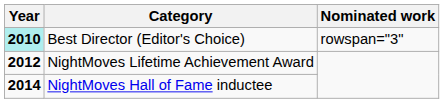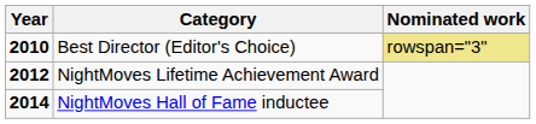 <table class="wikitable">
 <tr>
 <th>Year</th>
 <th>Category</th>
 <th>Nominated work</th>
 </tr>
 <tr>
-<td style="background: paleturquoise;"><strong>2010</strong></td>
+<td><strong>2010</strong></td>
 <td>Best Director (Editor's Choice)</td>
-<td>rowspan="3" </td>
+<td style="background: khaki;">rowspan="3" </td>
 </tr>
 <tr>
 <td><strong>2012</strong></td>
 <td>NightMoves Lifetime Achievement Award</td>
 </tr>
 <tr>
 <td><strong>2014</strong></td>
 <td><a href='#'>NightMoves Hall of Fame</a> inductee</td>
 </tr>
 </table>
